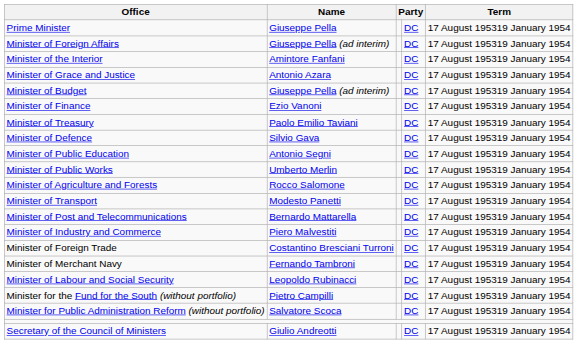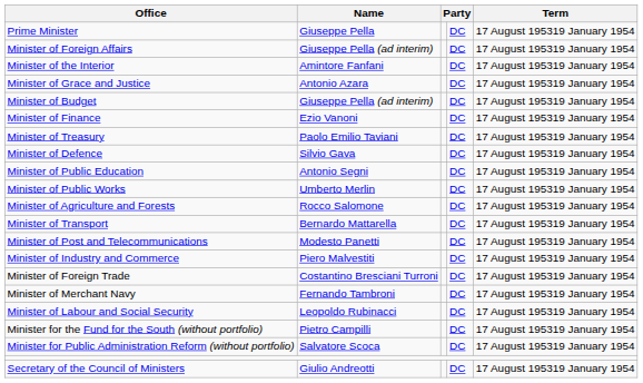 <table class="wikitable">
 <tr>
 <th>Office</th>
 <th>Name</th>
 <th colspan=2>Party</th>
 <th>Term</th>
 </tr>
 <tr>
 <td><a href='#'>Prime Minister</a></td>
 <td><a href='#'>Giuseppe Pella</a></td>
 <td></td>
 <td><a href='#'>DC</a></td>
 <td>17 August 195319 January 1954</td>
 </tr>
 <tr>
 <td><a href='#'>Minister of Foreign Affairs</a></td>
 <td><a href='#'>Giuseppe Pella</a> <em>(ad interim)</em></td>
 <td></td>
 <td><a href='#'>DC</a></td>
 <td>17 August 195319 January 1954</td>
 </tr>
 <tr>
 <td><a href='#'>Minister of the Interior</a></td>
 <td><a href='#'>Amintore Fanfani</a></td>
 <td></td>
 <td><a href='#'>DC</a></td>
 <td>17 August 195319 January 1954</td>
 </tr>
 <tr>
 <td><a href='#'>Minister of Grace and Justice</a></td>
 <td><a href='#'>Antonio Azara</a></td>
 <td></td>
 <td><a href='#'>DC</a></td>
 <td>17 August 195319 January 1954</td>
 </tr>
 <tr>
 <td><a href='#'>Minister of Budget</a></td>
 <td><a href='#'>Giuseppe Pella</a> <em>(ad interim)</em></td>
 <td></td>
 <td><a href='#'>DC</a></td>
 <td>17 August 195319 January 1954</td>
 </tr>
 <tr>
 <td><a href='#'>Minister of Finance</a></td>
 <td><a href='#'>Ezio Vanoni</a></td>
 <td></td>
 <td><a href='#'>DC</a></td>
 <td>17 August 195319 January 1954</td>
 </tr>
 <tr>
 <td><a href='#'>Minister of Treasury</a></td>
 <td><a href='#'>Paolo Emilio Taviani</a></td>
 <td></td>
 <td><a href='#'>DC</a></td>
 <td>17 August 195319 January 1954</td>
 </tr>
 <tr>
 <td><a href='#'>Minister of Defence</a></td>
 <td><a href='#'>Silvio Gava</a></td>
 <td></td>
 <td><a href='#'>DC</a></td>
 <td>17 August 195319 January 1954</td>
 </tr>
 <tr>
 <td><a href='#'>Minister of Public Education</a></td>
 <td><a href='#'>Antonio Segni</a></td>
 <td></td>
 <td><a href='#'>DC</a></td>
 <td>17 August 195319 January 1954</td>
 </tr>
 <tr>
 <td><a href='#'>Minister of Public Works</a></td>
 <td><a href='#'>Umberto Merlin</a></td>
 <td></td>
 <td><a href='#'>DC</a></td>
 <td>17 August 195319 January 1954</td>
 </tr>
 <tr>
 <td><a href='#'>Minister of Agriculture and Forests</a></td>
 <td><a href='#'>Rocco Salomone</a></td>
 <td></td>
 <td><a href='#'>DC</a></td>
 <td>17 August 195319 January 1954</td>
 </tr>
 <tr>
 <td><a href='#'>Minister of Transport</a></td>
-<td><a href='#'>Modesto Panetti</a></td>
+<td><a href='#'>Bernardo Mattarella</a></td>
 <td></td>
 <td><a href='#'>DC</a></td>
 <td>17 August 195319 January 1954</td>
 </tr>
 <tr>
 <td><a href='#'>Minister of Post and Telecommunications</a></td>
-<td><a href='#'>Bernardo Mattarella</a></td>
+<td><a href='#'>Modesto Panetti</a></td>
 <td></td>
 <td><a href='#'>DC</a></td>
 <td>17 August 195319 January 1954</td>
 </tr>
 <tr>
 <td><a href='#'>Minister of Industry and Commerce</a></td>
 <td><a href='#'>Piero Malvestiti</a></td>
 <td></td>
 <td><a href='#'>DC</a></td>
 <td>17 August 195319 January 1954</td>
 </tr>
 <tr>
 <td>Minister of Foreign Trade</td>
 <td><a href='#'>Costantino Bresciani Turroni</a></td>
 <td></td>
 <td><a href='#'>DC</a></td>
 <td>17 August 195319 January 1954</td>
 </tr>
 <tr>
 <td>Minister of Merchant Navy</td>
 <td><a href='#'>Fernando Tambroni</a></td>
 <td></td>
 <td><a href='#'>DC</a></td>
 <td>17 August 195319 January 1954</td>
 </tr>
 <tr>
 <td><a href='#'>Minister of Labour and Social Security</a></td>
 <td><a href='#'>Leopoldo Rubinacci</a></td>
 <td></td>
 <td><a href='#'>DC</a></td>
 <td>17 August 195319 January 1954</td>
 </tr>
 <tr>
 <td>Minister for the <a href='#'>Fund for the South</a> <em>(without portfolio)</em></td>
 <td><a href='#'>Pietro Campilli</a></td>
 <td></td>
 <td><a href='#'>DC</a></td>
 <td>17 August 195319 January 1954</td>
 </tr>
 <tr>
 <td><a href='#'>Minister for Public Administration Reform</a> <em>(without portfolio)</em></td>
 <td><a href='#'>Salvatore Scoca</a></td>
 <td></td>
 <td><a href='#'>DC</a></td>
 <td>17 August 195319 January 1954</td>
 </tr>
 <tr>
 <td colspan="5"></td>
 </tr>
 <tr>
 <td><a href='#'>Secretary of the Council of Ministers</a></td>
 <td><a href='#'>Giulio Andreotti</a></td>
 <td></td>
 <td><a href='#'>DC</a></td>
 <td>17 August 195319 January 1954</td>
 </tr>
 </table>
